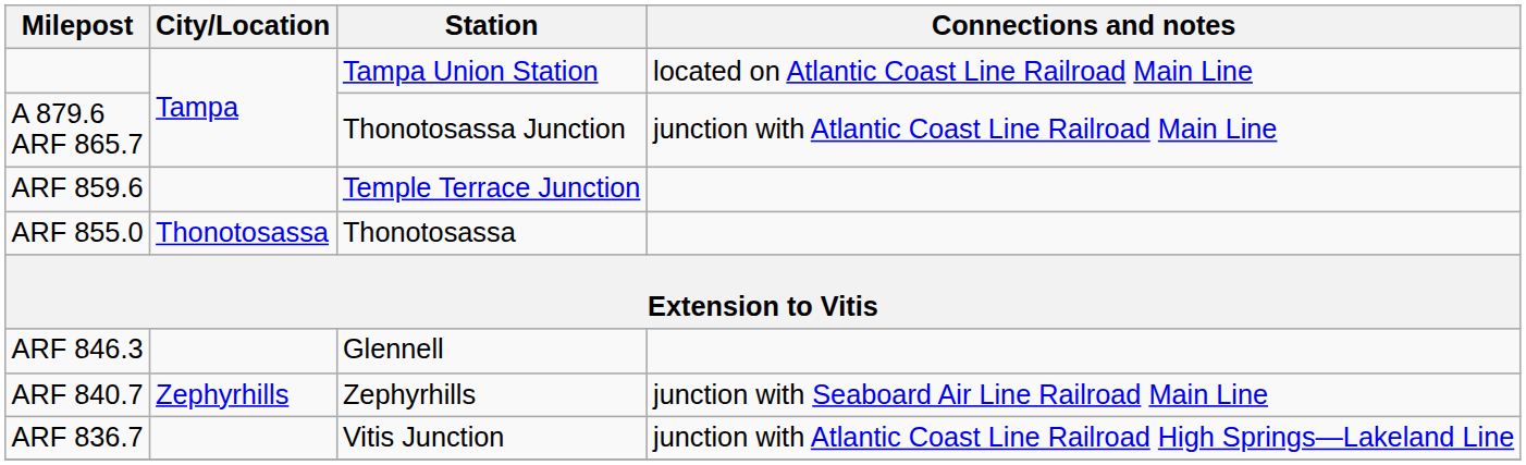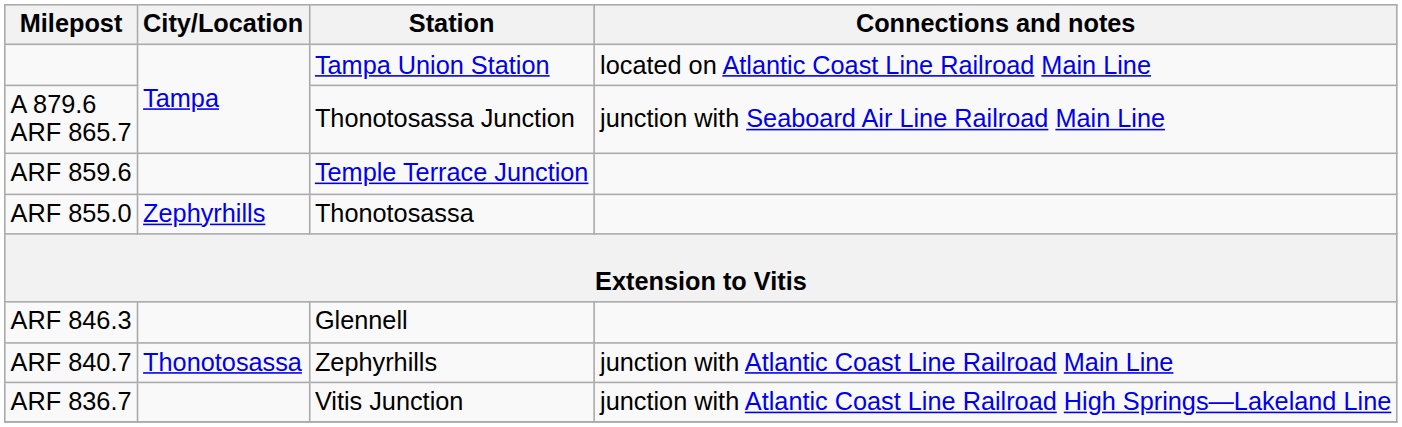 <table class="wikitable">
 <tr>
 <th>Milepost</th>
 <th>City/Location</th>
 <th>Station</th>
 <th>Connections and notes</th>
 </tr>
 <tr>
 <td></td>
 <td ! rowspan="2"><a href='#'>Tampa</a></td>
 <td><a href='#'>Tampa Union Station</a></td>
 <td>located on <a href='#'>Atlantic Coast Line Railroad</a> <a href='#'>Main Line</a></td>
 </tr>
 <tr>
 <td>A 879.6<br>ARF 865.7</td>
 <td>Thonotosassa Junction</td>
-<td>junction with <a href='#'>Atlantic Coast Line Railroad</a> <a href='#'>Main Line</a></td>
+<td>junction with <a href='#'>Seaboard Air Line Railroad</a> <a href='#'>Main Line</a></td>
 </tr>
 <tr>
 <td>ARF 859.6</td>
 <td></td>
 <td><a href='#'>Temple Terrace Junction</a></td>
 <td></td>
 </tr>
 <tr>
 <td>ARF 855.0</td>
-<td><a href='#'>Thonotosassa</a></td>
+<td><a href='#'>Zephyrhills</a></td>
 <td>Thonotosassa</td>
 <td></td>
 </tr>
 <tr>
 <th colspan=6><br><strong>Extension to Vitis</strong></th>
 </tr>
 <tr>
 <td>ARF 846.3</td>
 <td></td>
 <td>Glennell</td>
 <td></td>
 </tr>
 <tr>
 <td>ARF 840.7</td>
-<td><a href='#'>Zephyrhills</a></td>
+<td><a href='#'>Thonotosassa</a></td>
 <td>Zephyrhills</td>
-<td>junction with <a href='#'>Seaboard Air Line Railroad</a> <a href='#'>Main Line</a></td>
+<td>junction with <a href='#'>Atlantic Coast Line Railroad</a> <a href='#'>Main Line</a></td>
 </tr>
 <tr>
 <td>ARF 836.7</td>
 <td></td>
 <td>Vitis Junction</td>
 <td>junction with <a href='#'>Atlantic Coast Line Railroad</a> <a href='#'>High Springs—Lakeland Line</a></td>
 </tr>
 <tr>
 </tr>
 </table>
